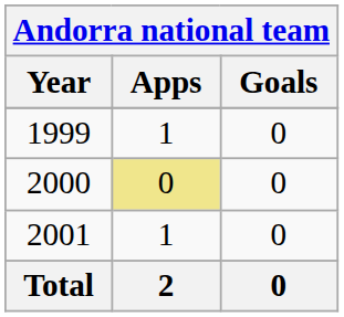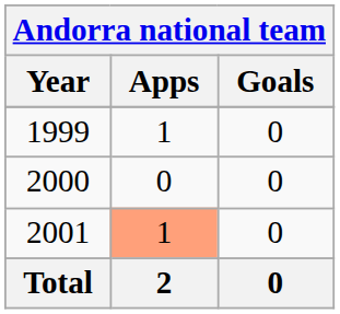 <table class="wikitable" style="text-align:center">
 <tr>
 <th colspan=3><a href='#'>Andorra national team</a></th>
 </tr>
 <tr>
 <th>Year</th>
 <th>Apps</th>
 <th>Goals</th>
 </tr>
 <tr>
 </tr>
 <tr>
 <td>1999</td>
 <td>1</td>
 <td>0</td>
 </tr>
 <tr>
 <td>2000</td>
-<td style="background: khaki;">0</td>
+<td>0</td>
 <td>0</td>
 </tr>
 <tr>
 <td>2001</td>
-<td>1</td>
+<td style="background: lightsalmon;">1</td>
 <td>0</td>
 </tr>
 <tr>
 <th>Total</th>
 <th>2</th>
 <th>0</th>
 </tr>
 </table>
